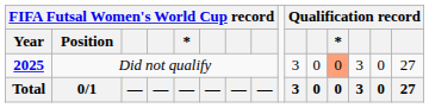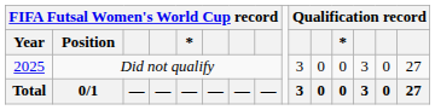 <table class="wikitable" style="text-align: center;">
 <tr>
 <th colspan="8"><a href='#'>FIFA Futsal Women's World Cup</a> record</th>
 <td rowspan=13></td>
 <th colspan=6>Qualification record</th>
 </tr>
 <tr>
 <th>Year</th>
 <th>Position</th>
 <th></th>
 <th></th>
 <th>*</th>
 <th></th>
 <th></th>
 <th></th>
 <th></th>
 <th></th>
 <th>*</th>
 <th></th>
 <th></th>
 <th></th>
 </tr>
 <tr>
-<td><strong> <a href='#'>2025</a></strong></td>
+<td> <a href='#'>2025</a></td>
 <td colspan="7"><em>Did not qualify</em></td>
 <td>3</td>
 <td>0</td>
-<td style="background: lightsalmon;">0</td>
+<td>0</td>
 <td>3</td>
 <td>0</td>
 <td>27</td>
 </tr>
 <tr>
 <th>Total</th>
 <th>0/1</th>
 <th>—</th>
 <th>—</th>
 <th>—</th>
 <th>—</th>
 <th>—</th>
 <th>—</th>
 <th>3</th>
 <th>0</th>
 <th>0</th>
 <th>3</th>
 <th>0</th>
 <th>27</th>
 </tr>
 </table>
